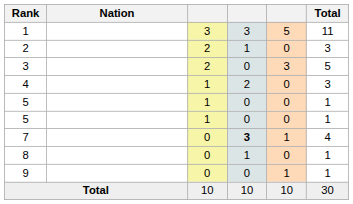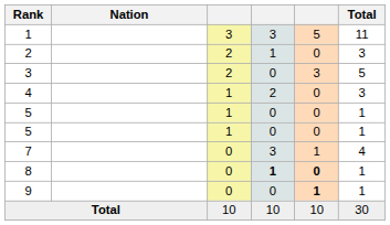 <table class=wikitable width=35% cellspacing="1" cellpadding="3" style="border:1px solid #AAAAAA;font-size:90%">
 <tr bgcolor="#EFEFEF">
 <th width=50>Rank</th>
 <th width=200>Nation</th>
 <th width=50></th>
 <th width=50></th>
 <th width=50></th>
 <th width=50>Total</th>
 </tr>
 <tr align="center" valign="top" bgcolor="#FFFFFF">
 <td rowspan="1" valign="center">1</td>
 <td align="left"></td>
 <td style="background:#F7F6A8;">3</td>
 <td style="background:#DCE5E5;">3</td>
 <td style="background:#FFDAB9;">5</td>
 <td>11</td>
 </tr>
 <tr align="center" valign="top" bgcolor="#FFFFFF">
 <td rowspan="1" valign="center">2</td>
 <td align="left"></td>
 <td style="background:#F7F6A8;">2</td>
 <td style="background:#DCE5E5;">1</td>
 <td style="background:#FFDAB9;">0</td>
 <td>3</td>
 </tr>
 <tr align="center" valign="top" bgcolor="#FFFFFF">
 <td rowspan="1" valign="center">3</td>
 <td align="left"></td>
 <td style="background:#F7F6A8;">2</td>
 <td style="background:#DCE5E5;">0</td>
 <td style="background:#FFDAB9;">3</td>
 <td>5</td>
 </tr>
 <tr align="center" valign="top" bgcolor="#FFFFFF">
 <td rowspan="1" valign="center">4</td>
 <td align="left"></td>
 <td style="background:#F7F6A8;">1</td>
 <td style="background:#DCE5E5;">2</td>
 <td style="background:#FFDAB9;">0</td>
 <td>3</td>
 </tr>
 <tr align="center" valign="top" bgcolor="#FFFFFF">
 <td rowspan="1" valign="center">5</td>
 <td align="left"></td>
 <td style="background:#F7F6A8;">1</td>
 <td style="background:#DCE5E5;">0</td>
 <td style="background:#FFDAB9;">0</td>
 <td>1</td>
 </tr>
 <tr align="center" valign="top" bgcolor="#FFFFFF">
 <td rowspan="1" valign="center">5</td>
 <td align="left"></td>
 <td style="background:#F7F6A8;">1</td>
 <td style="background:#DCE5E5;">0</td>
 <td style="background:#FFDAB9;">0</td>
 <td>1</td>
 </tr>
 <tr align="center" valign="top" bgcolor="#FFFFFF">
 <td rowspan="1" valign="center">7</td>
 <td align="left"></td>
 <td style="background:#F7F6A8;">0</td>
-<td style="background:#DCE5E5;"><strong>3</strong></td>
+<td style="background:#DCE5E5;">3</td>
 <td style="background:#FFDAB9;">1</td>
 <td>4</td>
 </tr>
 <tr align="center" valign="top" bgcolor="#FFFFFF">
 <td rowspan="1" valign="center">8</td>
 <td align="left"></td>
 <td style="background:#F7F6A8;">0</td>
-<td style="background:#DCE5E5;">1</td>
-<td style="background:#FFDAB9;">0</td>
+<td style="background:#DCE5E5;"><strong>1</strong></td>
+<td style="background:#FFDAB9;"><strong>0</strong></td>
 <td>1</td>
 </tr>
 <tr align="center" valign="top" bgcolor="#FFFFFF">
 <td rowspan="1" valign="center">9</td>
 <td align="left"></td>
 <td style="background:#F7F6A8;">0</td>
 <td style="background:#DCE5E5;">0</td>
-<td style="background:#FFDAB9;">1</td>
+<td style="background:#FFDAB9;"><strong>1</strong></td>
 <td>1</td>
 </tr>
 <tr align="center" valign="top" bgcolor="#EFEFEF">
 <td colspan="2" rowspan="1" valign="center"><strong>Total</strong></td>
 <td>10</td>
 <td>10</td>
 <td>10</td>
 <td>30</td>
 </tr>
 </table>
